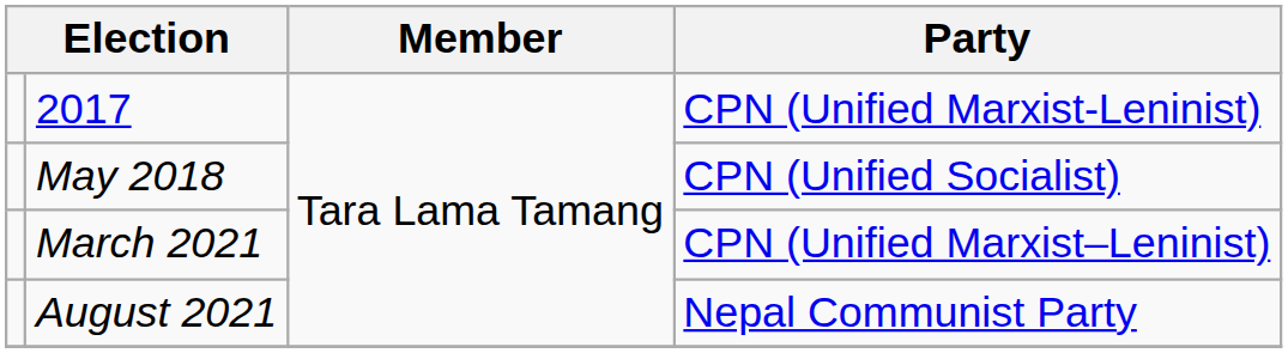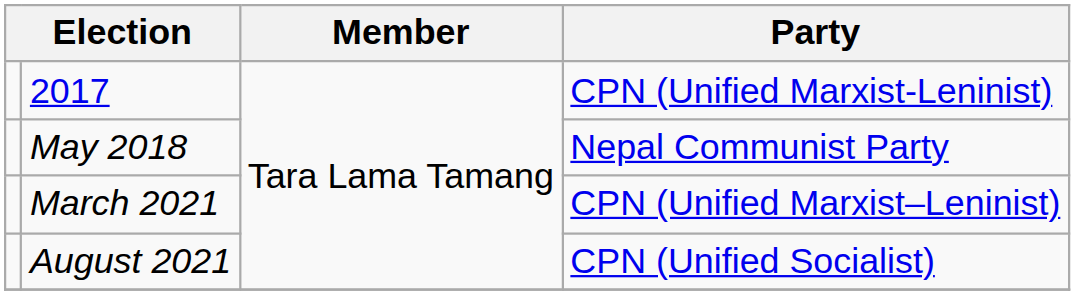 <table class="wikitable">
 <tr>
 <th colspan="2">Election</th>
 <th>Member</th>
 <th>Party</th>
 </tr>
 <tr>
 <td style="background-color:"></td>
 <td><a href='#'>2017</a></td>
 <td rowspan="4">Tara Lama Tamang</td>
 <td><a href='#'>CPN (Unified Marxist-Leninist)</a></td>
 </tr>
 <tr>
 <td style="background-color:"></td>
 <td><em>May 2018</em></td>
-<td><a href='#'>CPN (Unified Socialist)</a></td>
+<td><a href='#'>Nepal Communist Party</a></td>
 </tr>
 <tr>
 <td style="background-color:"></td>
 <td><em>March 2021</em></td>
 <td><a href='#'>CPN (Unified Marxist–Leninist)</a></td>
 </tr>
 <tr>
 <td style="background-color:"></td>
 <td><em>August 2021</em></td>
-<td><a href='#'>Nepal Communist Party</a></td>
+<td><a href='#'>CPN (Unified Socialist)</a></td>
 </tr>
 <tr>
 </tr>
 </table>
